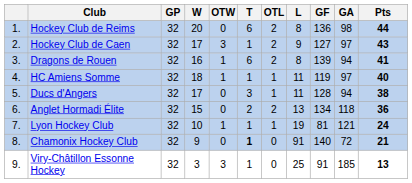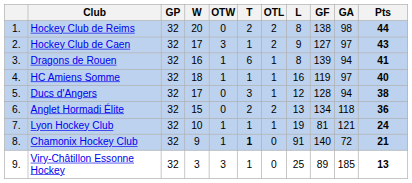 <table class="wikitable">
 <tr>
 <th width="30"></th>
 <th width="200">Club</th>
 <th width="30">GP</th>
 <th width="30">W</th>
 <th width="30">OTW</th>
 <th width="30">T</th>
 <th width="30">OTL</th>
 <th width="30">L</th>
 <th width="30">GF</th>
 <th width="30">GA</th>
 <th width="70">Pts</th>
 </tr>
 <tr bgcolor="#BCD2EE" align="center">
 <td>1.</td>
 <td align="left"><a href='#'>Hockey Club de Reims</a></td>
 <td>32</td>
 <td>20</td>
 <td>0</td>
-<td>6</td>
+<td>2</td>
 <td>2</td>
 <td>8</td>
-<td>136</td>
+<td>138</td>
 <td>98</td>
 <td><strong>44</strong></td>
 </tr>
 <tr bgcolor="#BCD2EE" align="center">
 <td>2.</td>
 <td align="left"><a href='#'>Hockey Club de Caen</a></td>
 <td>32</td>
 <td>17</td>
 <td>3</td>
 <td>1</td>
 <td>2</td>
 <td>9</td>
 <td>127</td>
 <td>97</td>
 <td><strong>43</strong></td>
 </tr>
 <tr bgcolor="#BCD2EE" align="center">
 <td>3.</td>
 <td align="left"><a href='#'>Dragons de Rouen</a></td>
 <td>32</td>
 <td>16</td>
 <td>1</td>
 <td>6</td>
-<td>2</td>
+<td>1</td>
 <td>8</td>
 <td>139</td>
 <td>94</td>
 <td><strong>41</strong></td>
 </tr>
 <tr bgcolor="#BCD2EE" align="center">
 <td>4.</td>
 <td align="left"><a href='#'>HC Amiens Somme</a></td>
 <td>32</td>
 <td>18</td>
 <td>1</td>
 <td>1</td>
 <td>1</td>
-<td>11</td>
+<td>16</td>
 <td>119</td>
 <td>97</td>
 <td><strong>40</strong></td>
 </tr>
 <tr bgcolor="#BCD2EE" align="center">
 <td>5.</td>
 <td align="left"><a href='#'>Ducs d'Angers</a></td>
 <td>32</td>
 <td>17</td>
 <td>0</td>
 <td>3</td>
 <td>1</td>
-<td>11</td>
+<td>12</td>
 <td>128</td>
 <td>94</td>
 <td><strong>38</strong></td>
 </tr>
 <tr bgcolor="#BCD2EE" align="center">
 <td>6.</td>
 <td align="left"><a href='#'>Anglet Hormadi Élite</a></td>
 <td>32</td>
 <td>15</td>
 <td>0</td>
 <td>2</td>
 <td>2</td>
 <td>13</td>
 <td>134</td>
 <td>118</td>
 <td><strong>36</strong></td>
 </tr>
 <tr bgcolor="#BCD2EE" align="center">
 <td>7.</td>
 <td align="left"><a href='#'>Lyon Hockey Club</a></td>
 <td>32</td>
 <td>10</td>
 <td>1</td>
 <td>1</td>
 <td>1</td>
 <td>19</td>
 <td>81</td>
 <td>121</td>
 <td><strong>24</strong></td>
 </tr>
 <tr bgcolor="#BCD2EE" align="center">
 <td>8.</td>
 <td align="left"><a href='#'>Chamonix Hockey Club</a></td>
 <td>32</td>
 <td>9</td>
-<td>0</td>
+<td>1</td>
 <td><strong>1</strong></td>
 <td>0</td>
 <td>91</td>
 <td>140</td>
 <td>72</td>
 <td><strong>21</strong></td>
 </tr>
 <tr bgcolor="#FFFFFF" align="center">
 <td>9.</td>
 <td align="left"><a href='#'>Viry-Châtillon Essonne Hockey&lrm;</a></td>
 <td>32</td>
 <td>3</td>
 <td>3</td>
 <td>1</td>
 <td>0</td>
 <td>25</td>
-<td>91</td>
+<td>89</td>
 <td>185</td>
 <td><strong>13</strong></td>
 </tr>
 </table>
